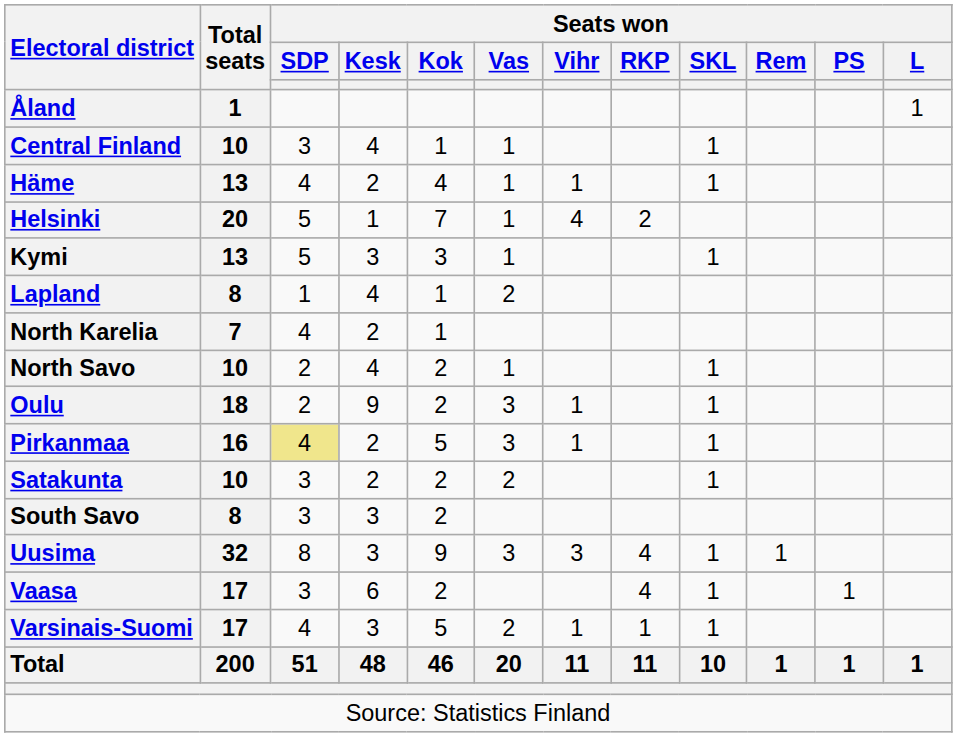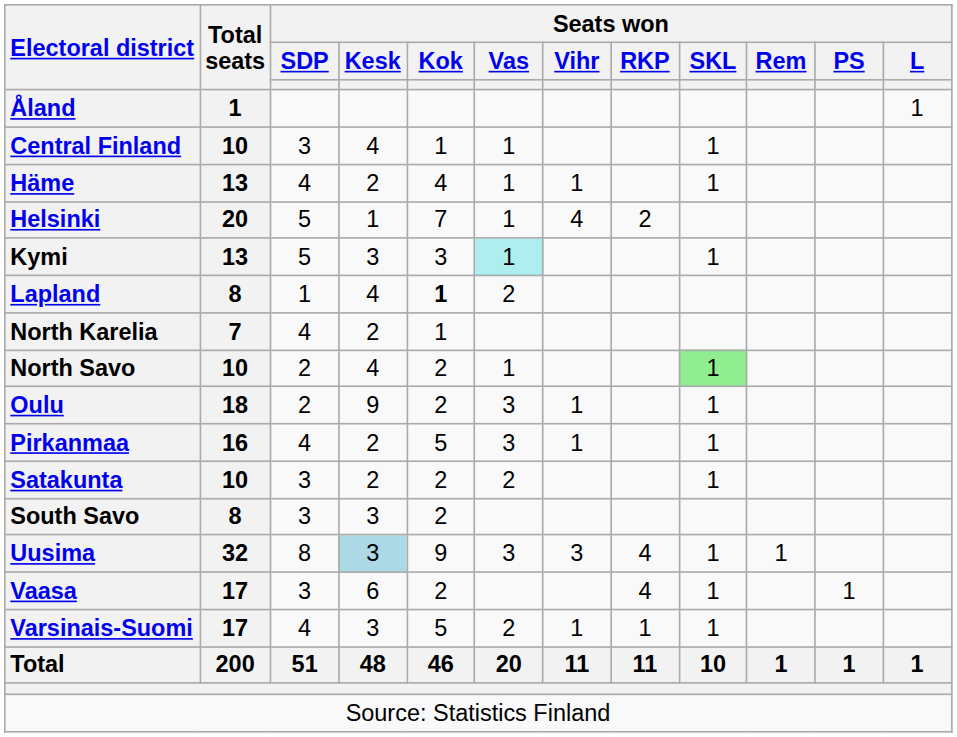 <table class="wikitable" style="text-align:center; font-size: 0.9em;">
 <tr>
 <th rowspan="3"><a href='#'>Electoral district</a></th>
 <th rowspan="3">Total<br>seats</th>
 <th colspan="10">Seats won</th>
 </tr>
 <tr>
 <th class="unsortable" style="width:35px;"><a href='#'>SDP</a></th>
 <th class="unsortable" style="width:35px;"><a href='#'>Kesk</a></th>
 <th class="unsortable" style="width:35px;"><a href='#'>Kok</a></th>
 <th class="unsortable" style="width:35px;"><a href='#'>Vas</a></th>
 <th class="unsortable" style="width:35px;"><a href='#'>Vihr</a></th>
 <th class="unsortable" style="width:35px;"><a href='#'>RKP</a></th>
 <th class="unsortable" style="width:35px;"><a href='#'>SKL</a></th>
 <th class="unsortable" style="width:35px;"><a href='#'>Rem</a></th>
 <th class="unsortable" style="width:35px;"><a href='#'>PS</a></th>
 <th class="unsortable" style="width:35px;"><a href='#'>L</a></th>
 </tr>
 <tr>
 <th style="background:"></th>
 <th style="background:"></th>
 <th style="background:"></th>
 <th style="background:"></th>
 <th style="background:"></th>
 <th style="background:"></th>
 <th style="background:"></th>
 <th style="background:"></th>
 <th style="background:"></th>
 <th style="background:"></th>
 </tr>
 <tr>
 <th style="text-align: left;"><a href='#'>Åland</a></th>
 <th>1</th>
 <td></td>
 <td></td>
 <td></td>
 <td></td>
 <td></td>
 <td></td>
 <td></td>
 <td></td>
 <td></td>
 <td>1</td>
 </tr>
 <tr>
 <th style="text-align: left;"><a href='#'>Central Finland</a></th>
 <th>10</th>
 <td>3</td>
 <td>4</td>
 <td>1</td>
 <td>1</td>
 <td></td>
 <td></td>
 <td>1</td>
 <td></td>
 <td></td>
 <td></td>
 </tr>
 <tr>
 <th style="text-align: left;"><a href='#'>Häme</a></th>
 <th>13</th>
 <td>4</td>
 <td>2</td>
 <td>4</td>
 <td>1</td>
 <td>1</td>
 <td></td>
 <td>1</td>
 <td></td>
 <td></td>
 <td></td>
 </tr>
 <tr>
 <th style="text-align: left;"><a href='#'>Helsinki</a></th>
 <th>20</th>
 <td>5</td>
 <td>1</td>
 <td>7</td>
 <td>1</td>
 <td>4</td>
 <td>2</td>
 <td></td>
 <td></td>
 <td></td>
 <td></td>
 </tr>
 <tr>
 <th style="text-align: left;">Kymi</th>
 <th>13</th>
 <td>5</td>
 <td>3</td>
 <td>3</td>
-<td>1</td>
+<td style="background: paleturquoise;">1</td>
 <td></td>
 <td></td>
 <td>1</td>
 <td></td>
 <td></td>
 <td></td>
 </tr>
 <tr>
 <th style="text-align: left;"><a href='#'>Lapland</a></th>
 <th>8</th>
 <td>1</td>
 <td>4</td>
-<td>1</td>
+<td><strong>1</strong></td>
 <td>2</td>
 <td></td>
 <td></td>
 <td></td>
 <td></td>
 <td></td>
 <td></td>
 </tr>
 <tr>
 <th style="text-align: left;">North Karelia</th>
 <th>7</th>
 <td>4</td>
 <td>2</td>
 <td>1</td>
 <td></td>
 <td></td>
 <td></td>
 <td></td>
 <td></td>
 <td></td>
 <td></td>
 </tr>
 <tr>
 <th style="text-align: left;">North Savo</th>
 <th>10</th>
 <td>2</td>
 <td>4</td>
 <td>2</td>
 <td>1</td>
 <td></td>
 <td></td>
-<td>1</td>
+<td style="background: lightgreen;">1</td>
 <td></td>
 <td></td>
 <td></td>
 </tr>
 <tr>
 <th style="text-align: left;"><a href='#'>Oulu</a></th>
 <th>18</th>
 <td>2</td>
 <td>9</td>
 <td>2</td>
 <td>3</td>
 <td>1</td>
 <td></td>
 <td>1</td>
 <td></td>
 <td></td>
 <td></td>
 </tr>
 <tr>
 <th style="text-align: left;"><a href='#'>Pirkanmaa</a></th>
 <th>16</th>
-<td style="background: khaki;">4</td>
+<td>4</td>
 <td>2</td>
 <td>5</td>
 <td>3</td>
 <td>1</td>
 <td></td>
 <td>1</td>
 <td></td>
 <td></td>
 <td></td>
 </tr>
 <tr>
 <th style="text-align: left;"><a href='#'>Satakunta</a></th>
 <th>10</th>
 <td>3</td>
 <td>2</td>
 <td>2</td>
 <td>2</td>
 <td></td>
 <td></td>
 <td>1</td>
 <td></td>
 <td></td>
 <td></td>
 </tr>
 <tr>
 <th style="text-align: left;">South Savo</th>
 <th>8</th>
 <td>3</td>
 <td>3</td>
 <td>2</td>
 <td></td>
 <td></td>
 <td></td>
 <td></td>
 <td></td>
 <td></td>
 <td></td>
 </tr>
 <tr>
 <th style="text-align: left;"><a href='#'>Uusima</a></th>
 <th>32</th>
 <td>8</td>
-<td>3</td>
+<td style="background: lightblue;">3</td>
 <td>9</td>
 <td>3</td>
 <td>3</td>
 <td>4</td>
 <td>1</td>
 <td>1</td>
 <td></td>
 <td></td>
 </tr>
 <tr>
 <th style="text-align: left;"><a href='#'>Vaasa</a></th>
 <th>17</th>
 <td>3</td>
 <td>6</td>
 <td>2</td>
 <td></td>
 <td></td>
 <td>4</td>
 <td>1</td>
 <td></td>
 <td>1</td>
 <td></td>
 </tr>
 <tr>
 <th style="text-align: left;"><a href='#'>Varsinais-Suomi</a></th>
 <th>17</th>
 <td>4</td>
 <td>3</td>
 <td>5</td>
 <td>2</td>
 <td>1</td>
 <td>1</td>
 <td>1</td>
 <td></td>
 <td></td>
 <td></td>
 </tr>
 <tr class="sortbottom">
 <th style="text-align: left;">Total</th>
 <th>200</th>
 <th>51</th>
 <th>48</th>
 <th>46</th>
 <th>20</th>
 <th>11</th>
 <th>11</th>
 <th>10</th>
 <th>1</th>
 <th>1</th>
 <th>1</th>
 </tr>
 <tr>
 <th colspan="12"></th>
 </tr>
 <tr>
 <td colspan="12">Source: Statistics Finland</td>
 </tr>
 </table>
